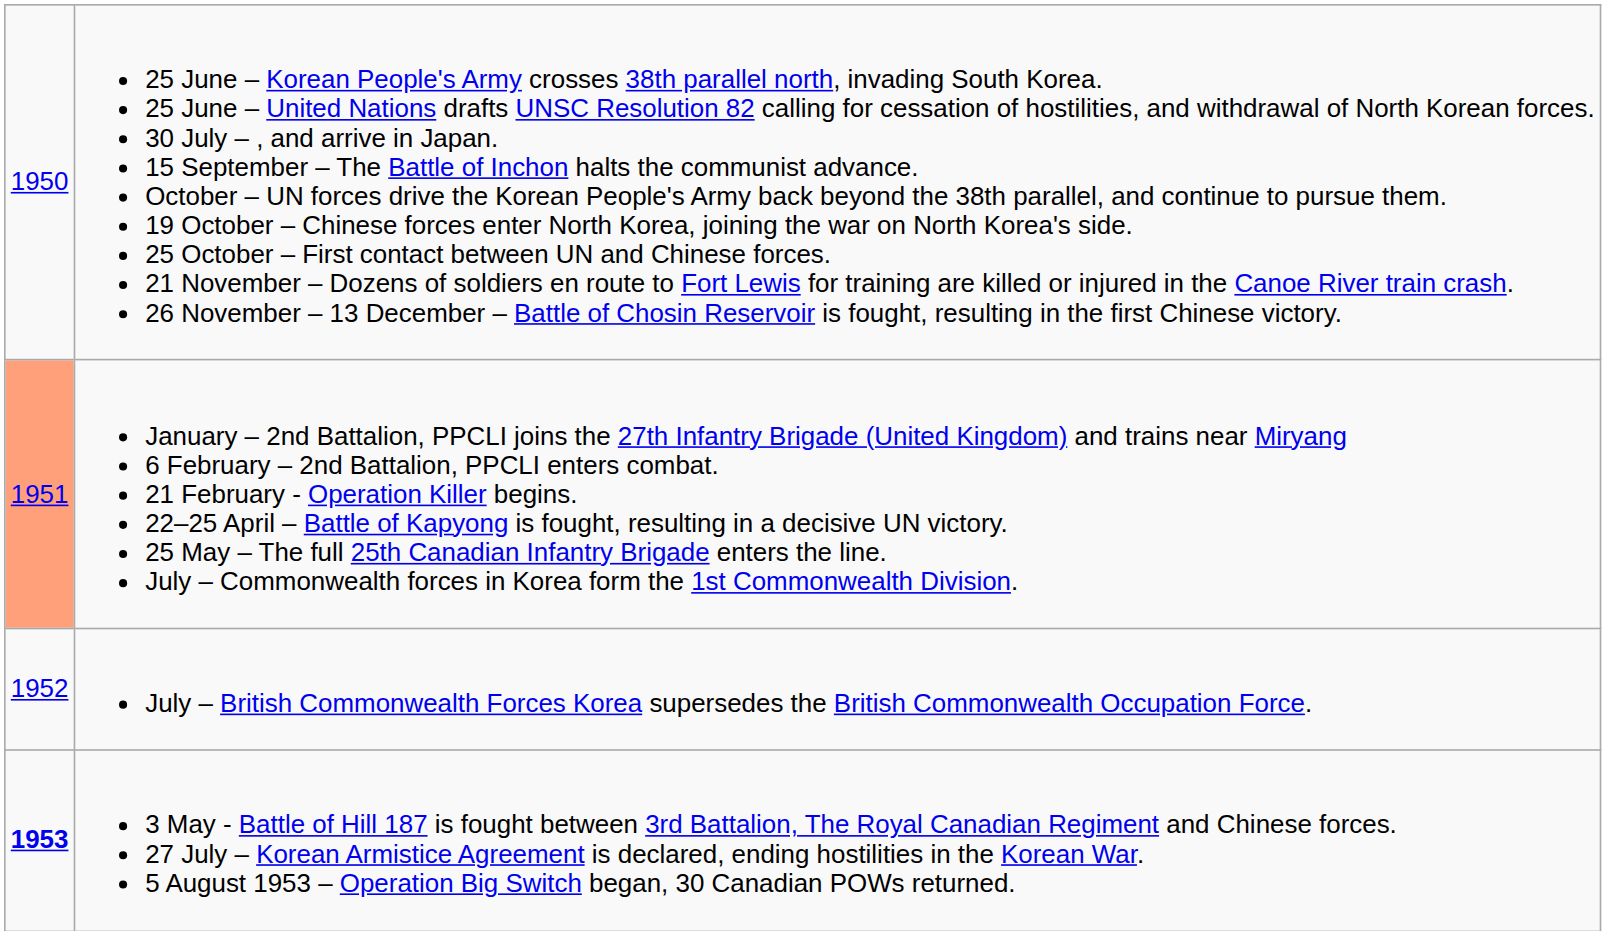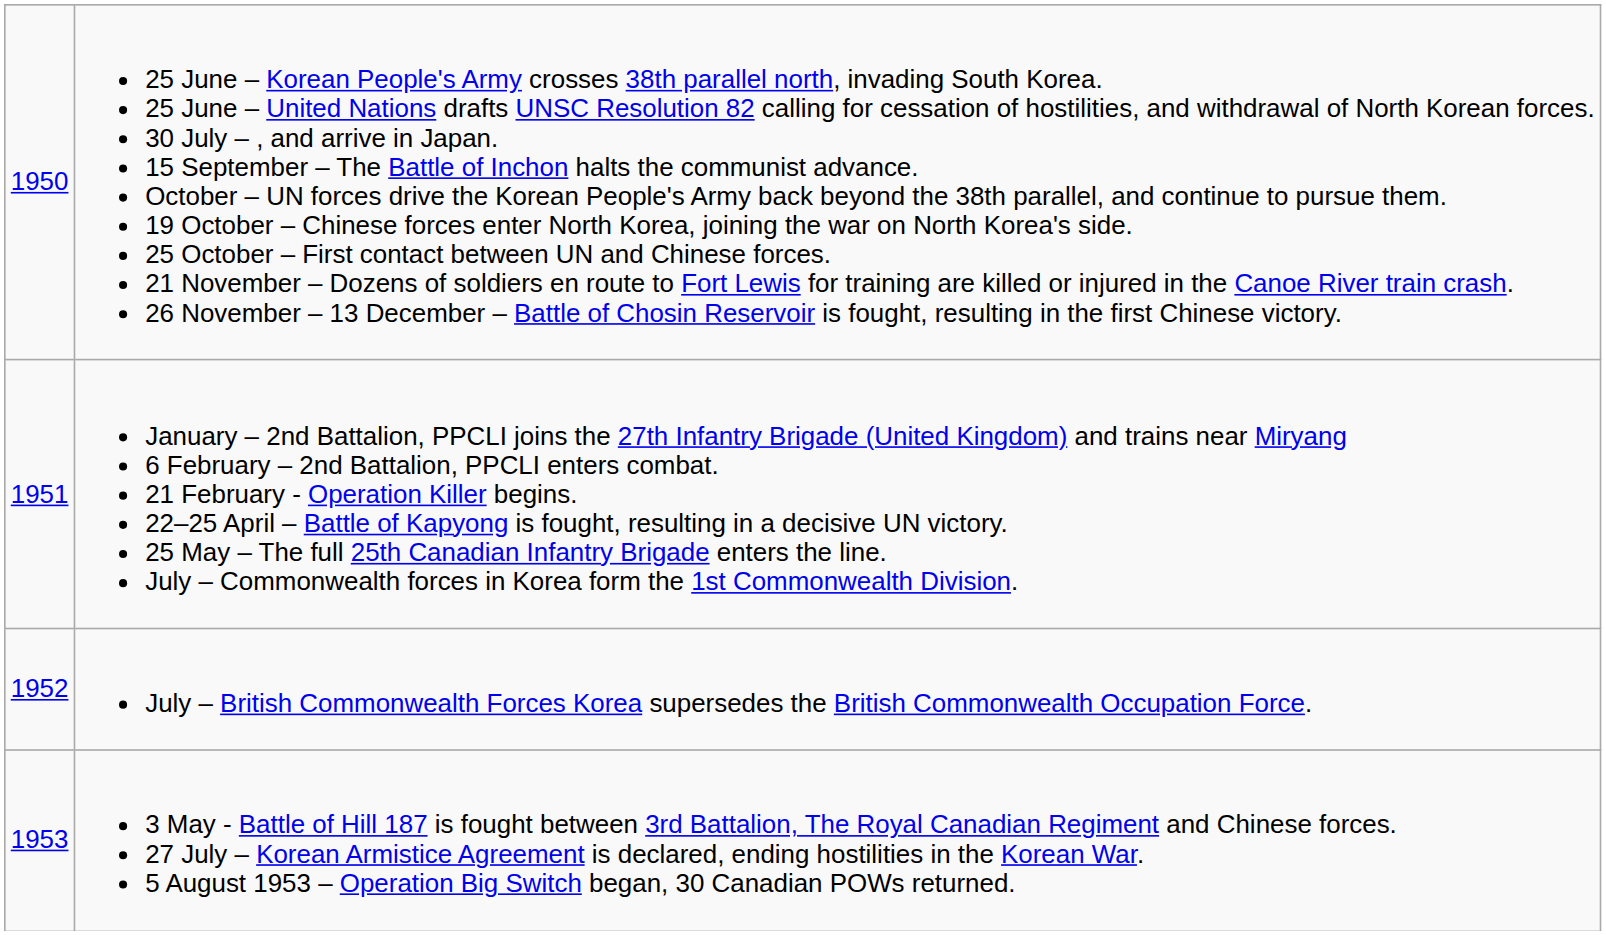 <table class="wikitable">
 <tr>
 <td><a href='#'>1950</a></td>
 <td><br><ul><li>25 June – <a href='#'>Korean People's Army</a> crosses <a href='#'>38th parallel north</a>, invading South Korea.</li><li>25 June – <a href='#'>United Nations</a> drafts <a href='#'>UNSC Resolution 82</a> calling for cessation of hostilities, and withdrawal of North Korean forces.</li><li>30 July – ,  and  arrive in Japan.</li><li>15 September – The <a href='#'>Battle of Inchon</a> halts the communist advance.</li><li>October – UN forces drive the Korean People's Army back beyond the 38th parallel, and continue to pursue them.</li><li>19 October – Chinese forces enter North Korea, joining the war on North Korea's side.</li><li>25 October – First contact between UN and Chinese forces.</li><li>21 November – Dozens of soldiers en route to <a href='#'>Fort Lewis</a> for training are killed or injured in the <a href='#'>Canoe River train crash</a>.</li><li>26 November – 13 December – <a href='#'>Battle of Chosin Reservoir</a> is fought, resulting in the first Chinese victory.</li></ul></td>
 </tr>
 <tr>
-<td style="background: lightsalmon;"><a href='#'>1951</a></td>
+<td><a href='#'>1951</a></td>
 <td><br><ul><li>January – 2nd Battalion, PPCLI joins the <a href='#'>27th Infantry Brigade (United Kingdom)</a> and trains near <a href='#'>Miryang</a></li><li>6 February – 2nd Battalion, PPCLI enters combat.</li><li>21 February - <a href='#'>Operation Killer</a> begins.</li><li>22–25 April – <a href='#'>Battle of Kapyong</a> is fought, resulting in a decisive UN victory.</li><li>25 May – The full <a href='#'>25th Canadian Infantry Brigade</a> enters the line.</li><li>July – Commonwealth forces in Korea form the <a href='#'>1st Commonwealth Division</a>.</li></ul></td>
 </tr>
 <tr>
 <td><a href='#'>1952</a></td>
 <td><br><ul><li>July – <a href='#'>British Commonwealth Forces Korea</a> supersedes the <a href='#'>British Commonwealth Occupation Force</a>.</li></ul></td>
 </tr>
 <tr>
-<td><strong><a href='#'>1953</a></strong></td>
+<td><a href='#'>1953</a></td>
 <td><br><ul><li>3 May - <a href='#'>Battle of Hill 187</a> is fought between <a href='#'>3rd Battalion, The Royal Canadian Regiment</a> and Chinese forces.</li><li>27 July – <a href='#'>Korean Armistice Agreement</a> is declared, ending hostilities in the <a href='#'>Korean War</a>.</li><li>5 August 1953 – <a href='#'>Operation Big Switch</a> began, 30 Canadian POWs returned.</li></ul></td>
 </tr>
 </table>
